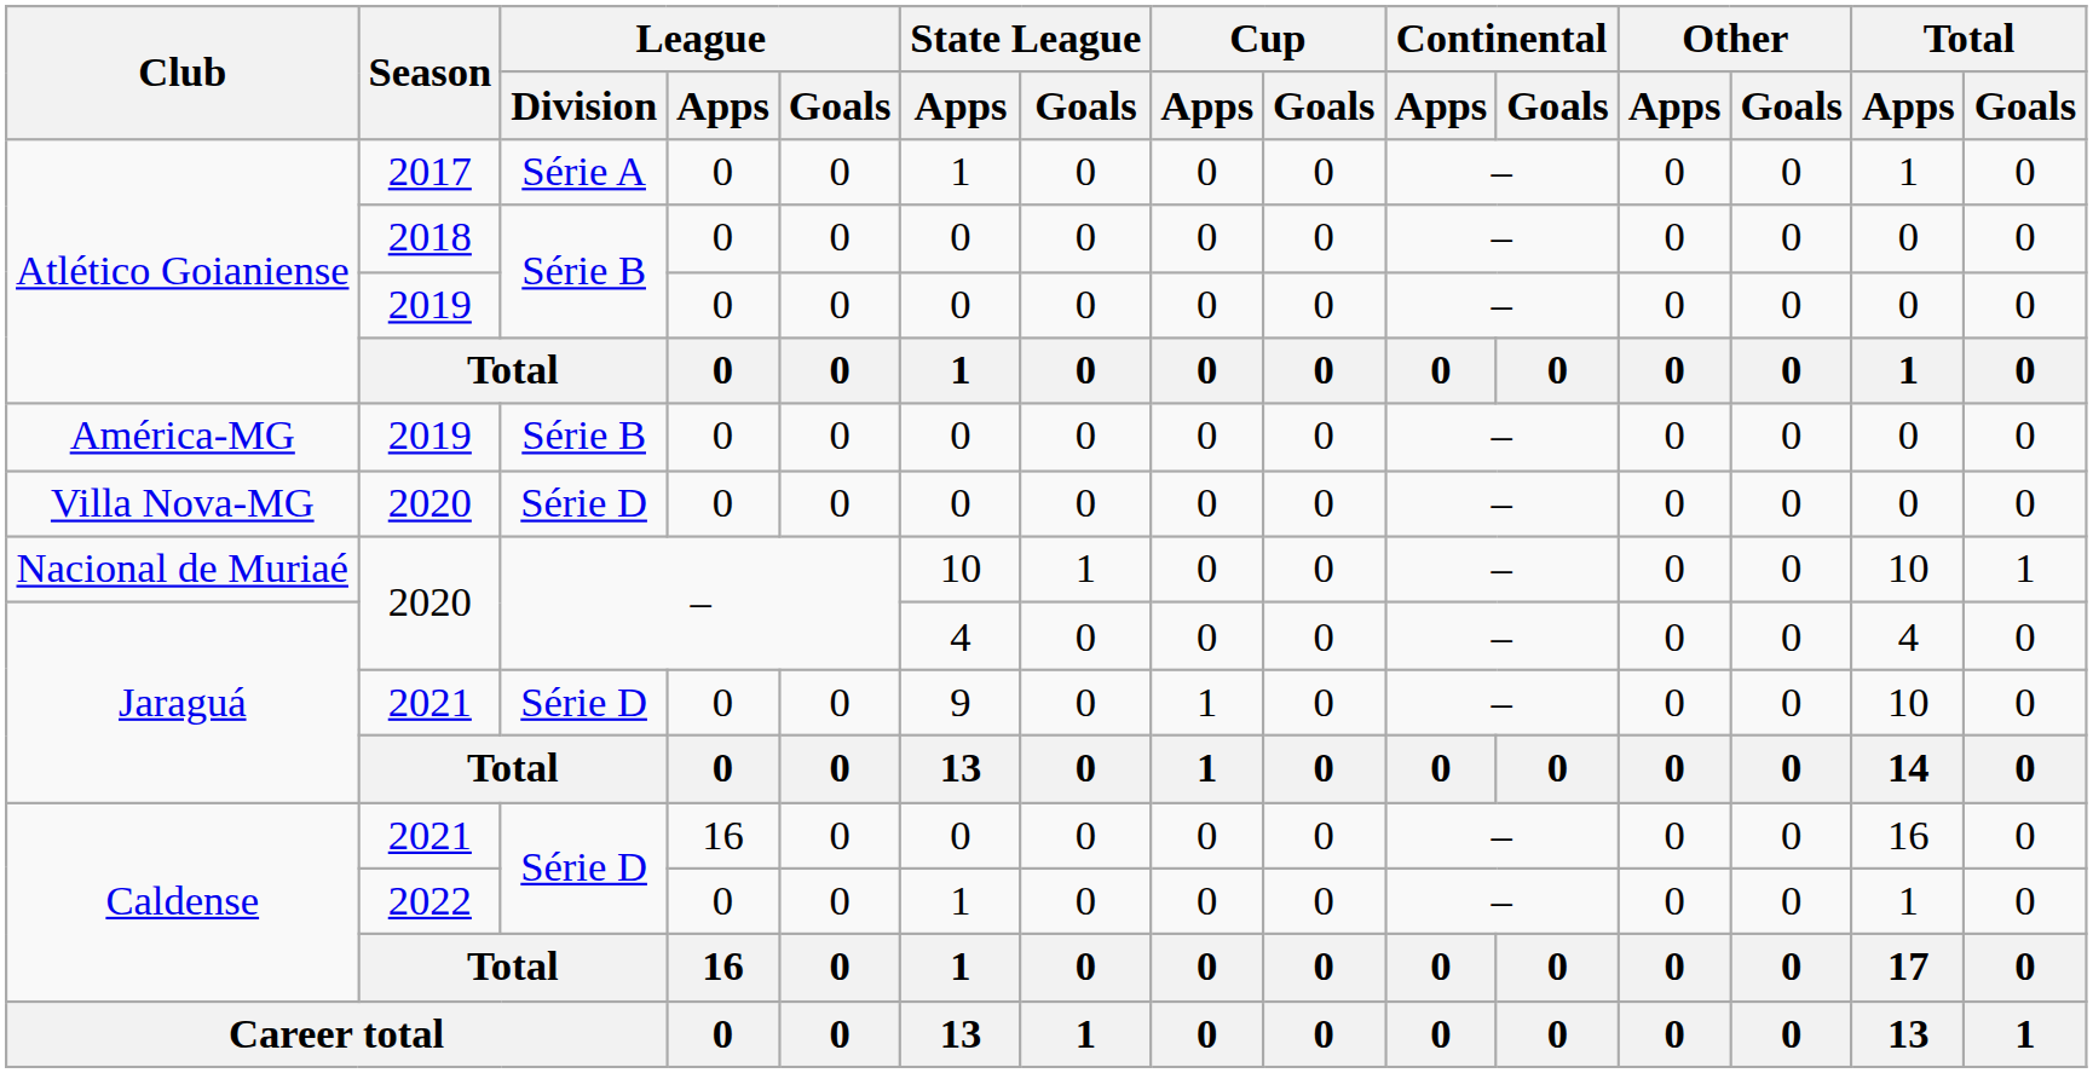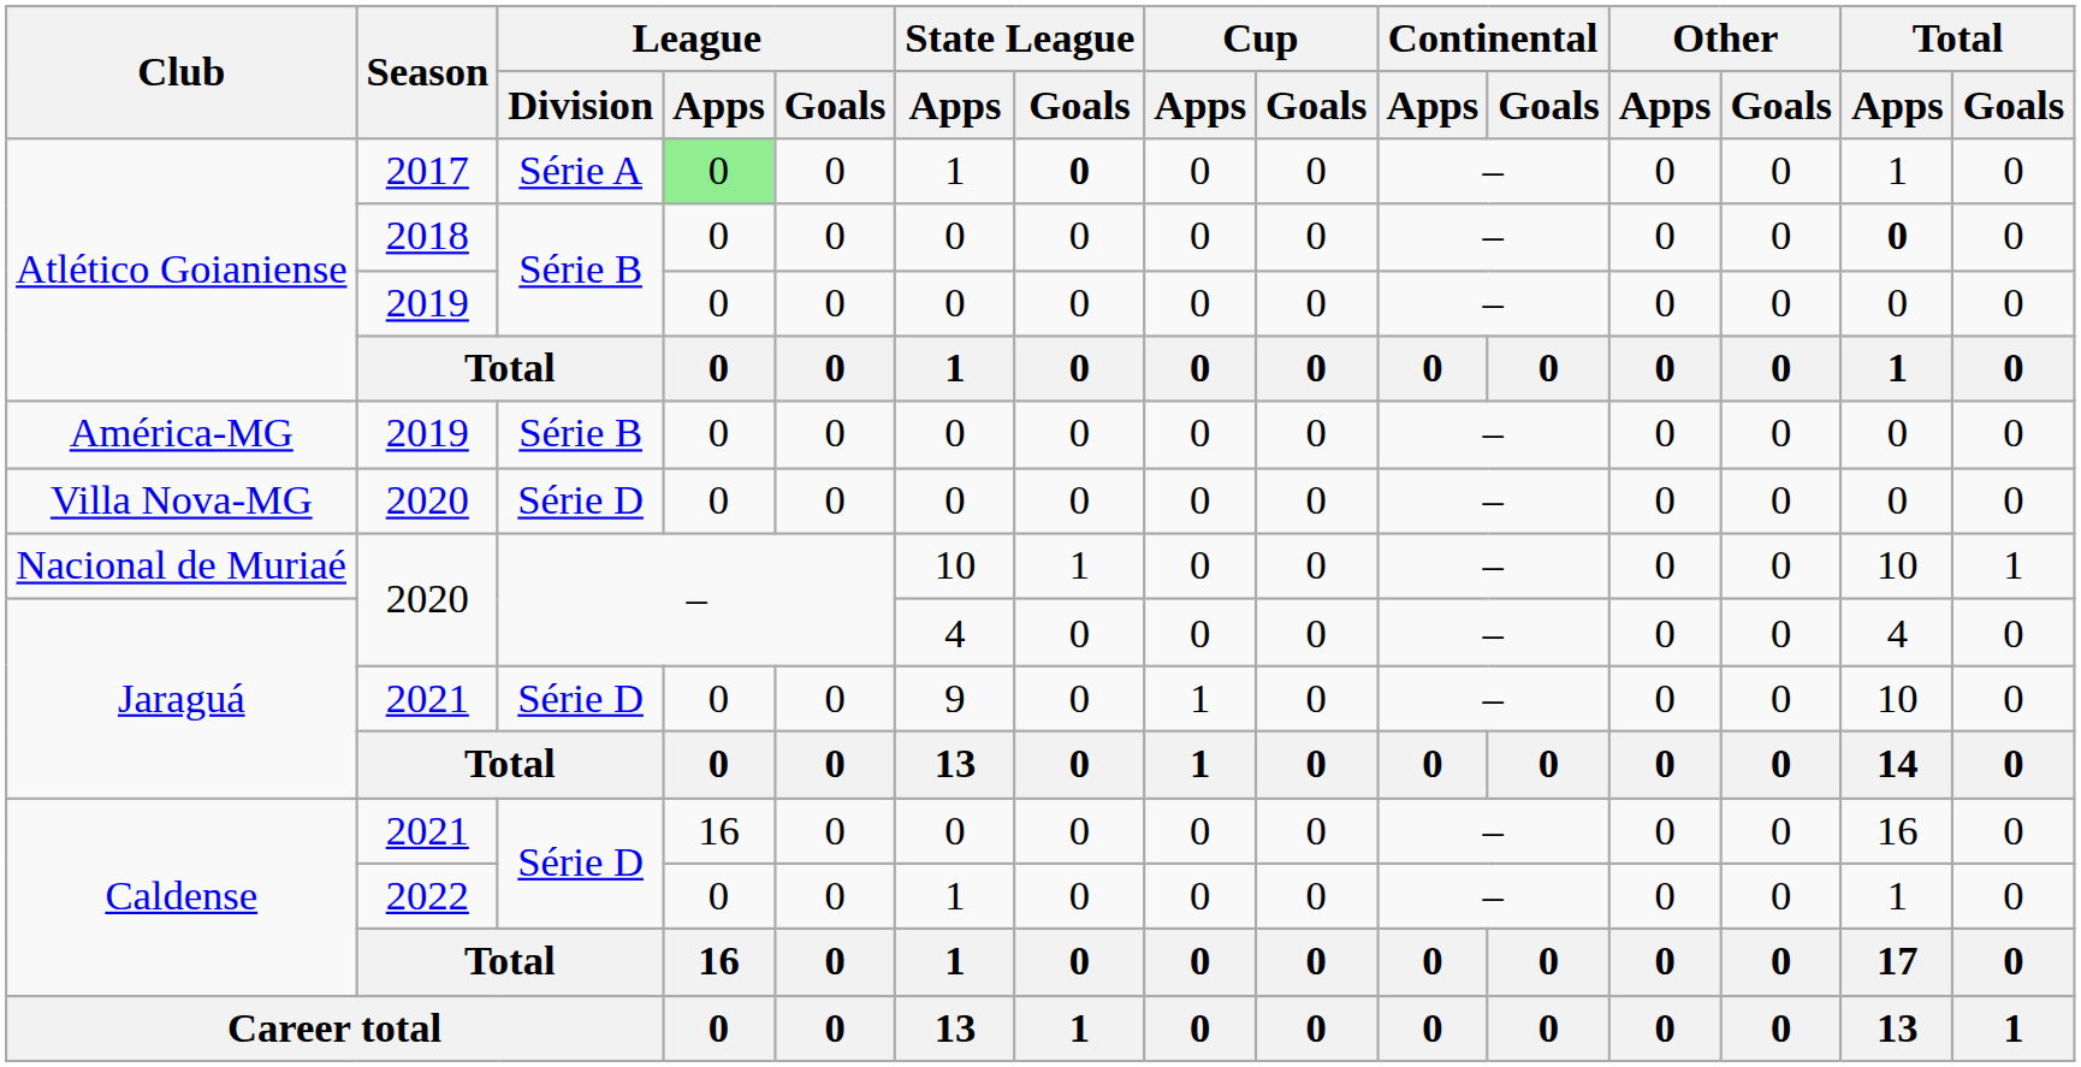 <table class="wikitable" style="text-align: center">
 <tr>
 <th rowspan="2">Club</th>
 <th rowspan="2">Season</th>
 <th colspan="3">League</th>
 <th colspan="2">State League</th>
 <th colspan="2">Cup</th>
 <th colspan="2">Continental</th>
 <th colspan="2">Other</th>
 <th colspan="2">Total</th>
 </tr>
 <tr>
 <th>Division</th>
 <th>Apps</th>
 <th>Goals</th>
 <th>Apps</th>
 <th>Goals</th>
 <th>Apps</th>
 <th>Goals</th>
 <th>Apps</th>
 <th>Goals</th>
 <th>Apps</th>
 <th>Goals</th>
 <th>Apps</th>
 <th>Goals</th>
 </tr>
 <tr>
 <td rowspan="4"><a href='#'>Atlético Goianiense</a></td>
 <td><a href='#'>2017</a></td>
 <td><a href='#'>Série A</a></td>
-<td>0</td>
+<td style="background: lightgreen;">0</td>
 <td>0</td>
 <td>1</td>
-<td>0</td>
+<td><strong>0</strong></td>
 <td>0</td>
 <td>0</td>
 <td colspan="2">–</td>
 <td>0</td>
 <td>0</td>
 <td>1</td>
 <td>0</td>
 </tr>
 <tr>
 <td><a href='#'>2018</a></td>
 <td rowspan="2"><a href='#'>Série B</a></td>
 <td>0</td>
 <td>0</td>
 <td>0</td>
 <td>0</td>
 <td>0</td>
 <td>0</td>
 <td colspan="2">–</td>
 <td>0</td>
 <td>0</td>
-<td>0</td>
+<td><strong>0</strong></td>
 <td>0</td>
 </tr>
 <tr>
 <td><a href='#'>2019</a></td>
 <td>0</td>
 <td>0</td>
 <td>0</td>
 <td>0</td>
 <td>0</td>
 <td>0</td>
 <td colspan="2">–</td>
 <td>0</td>
 <td>0</td>
 <td>0</td>
 <td>0</td>
 </tr>
 <tr>
 <th colspan="2"><strong>Total</strong></th>
 <th>0</th>
 <th>0</th>
 <th>1</th>
 <th>0</th>
 <th>0</th>
 <th>0</th>
 <th>0</th>
 <th>0</th>
 <th>0</th>
 <th>0</th>
 <th>1</th>
 <th>0</th>
 </tr>
 <tr>
 <td><a href='#'>América-MG</a></td>
 <td><a href='#'>2019</a></td>
 <td><a href='#'>Série B</a></td>
 <td>0</td>
 <td>0</td>
 <td>0</td>
 <td>0</td>
 <td>0</td>
 <td>0</td>
 <td colspan="2">–</td>
 <td>0</td>
 <td>0</td>
 <td>0</td>
 <td>0</td>
 </tr>
 <tr>
 <td><a href='#'>Villa Nova-MG</a></td>
 <td><a href='#'>2020</a></td>
 <td><a href='#'>Série D</a></td>
 <td>0</td>
 <td>0</td>
 <td>0</td>
 <td>0</td>
 <td>0</td>
 <td>0</td>
 <td colspan="2">–</td>
 <td>0</td>
 <td>0</td>
 <td>0</td>
 <td>0</td>
 </tr>
 <tr>
 <td><a href='#'>Nacional de Muriaé</a></td>
 <td rowspan="2">2020</td>
 <td colspan="3" rowspan="2">–</td>
 <td>10</td>
 <td>1</td>
 <td>0</td>
 <td>0</td>
 <td colspan="2">–</td>
 <td>0</td>
 <td>0</td>
 <td>10</td>
 <td>1</td>
 </tr>
 <tr>
 <td rowspan="3"><a href='#'>Jaraguá</a></td>
 <td>4</td>
 <td>0</td>
 <td>0</td>
 <td>0</td>
 <td colspan="2">–</td>
 <td>0</td>
 <td>0</td>
 <td>4</td>
 <td>0</td>
 </tr>
 <tr>
 <td><a href='#'>2021</a></td>
 <td><a href='#'>Série D</a></td>
 <td>0</td>
 <td>0</td>
 <td>9</td>
 <td>0</td>
 <td>1</td>
 <td>0</td>
 <td colspan="2">–</td>
 <td>0</td>
 <td>0</td>
 <td>10</td>
 <td>0</td>
 </tr>
 <tr>
 <th colspan="2"><strong>Total</strong></th>
 <th>0</th>
 <th>0</th>
 <th>13</th>
 <th>0</th>
 <th>1</th>
 <th>0</th>
 <th>0</th>
 <th>0</th>
 <th>0</th>
 <th>0</th>
 <th>14</th>
 <th>0</th>
 </tr>
 <tr>
 <td rowspan="3"><a href='#'>Caldense</a></td>
 <td><a href='#'>2021</a></td>
 <td rowspan="2"><a href='#'>Série D</a></td>
 <td>16</td>
 <td>0</td>
 <td>0</td>
 <td>0</td>
 <td>0</td>
 <td>0</td>
 <td colspan="2">–</td>
 <td>0</td>
 <td>0</td>
 <td>16</td>
 <td>0</td>
 </tr>
 <tr>
 <td><a href='#'>2022</a></td>
 <td>0</td>
 <td>0</td>
 <td>1</td>
 <td>0</td>
 <td>0</td>
 <td>0</td>
 <td colspan="2">–</td>
 <td>0</td>
 <td>0</td>
 <td>1</td>
 <td>0</td>
 </tr>
 <tr>
 <th colspan="2"><strong>Total</strong></th>
 <th>16</th>
 <th>0</th>
 <th>1</th>
 <th>0</th>
 <th>0</th>
 <th>0</th>
 <th>0</th>
 <th>0</th>
 <th>0</th>
 <th>0</th>
 <th>17</th>
 <th>0</th>
 </tr>
 <tr>
 <th colspan="3"><strong>Career total</strong></th>
 <th>0</th>
 <th>0</th>
 <th>13</th>
 <th>1</th>
 <th>0</th>
 <th>0</th>
 <th>0</th>
 <th>0</th>
 <th>0</th>
 <th>0</th>
 <th>13</th>
 <th>1</th>
 </tr>
 </table>
